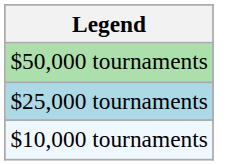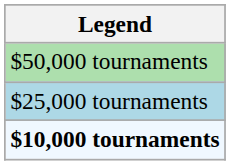 <table class="wikitable" style="font-size:85%">
 <tr>
 <th>Legend</th>
 </tr>
 <tr bgcolor="#ADDFAD">
 <td>$50,000 tournaments</td>
 </tr>
 <tr bgcolor="lightblue">
 <td>$25,000 tournaments</td>
 </tr>
 <tr bgcolor="#f0f8ff">
-<td>$10,000 tournaments</td>
+<td><strong>$10,000 tournaments</strong></td>
 </tr>
 </table>
